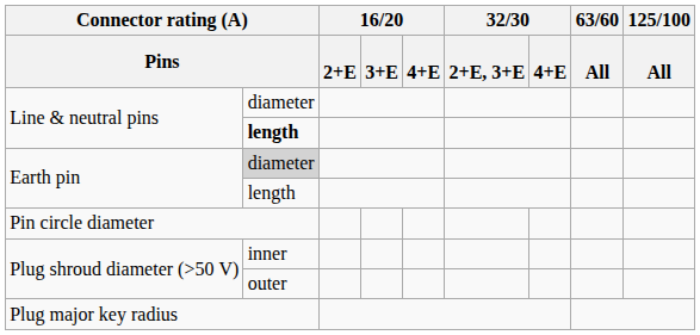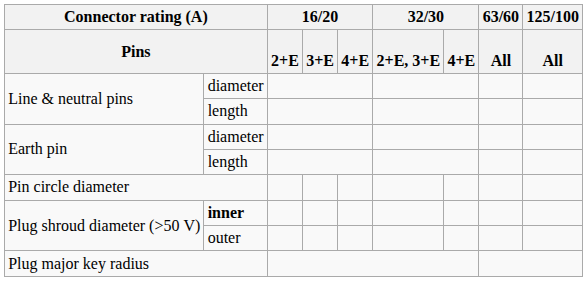 <table class="wikitable">
 <tr>
 <th colspan=2>Connector rating (A)</th>
 <th colspan=3>16/20</th>
 <th colspan=2>32/30</th>
 <th>63/60</th>
 <th>125/100</th>
 </tr>
 <tr>
 <th colspan=2>Pins</th>
 <th><br>2+E</th>
 <th><br>3+E</th>
 <th><br>4+E</th>
 <th><br>2+E, 3+E</th>
 <th><br>4+E</th>
 <th><br>All</th>
 <th><br>All</th>
 </tr>
 <tr>
 <td rowspan=2>Line & neutral pins</td>
 <td>diameter</td>
 <td colspan=3></td>
 <td colspan=2></td>
 <td></td>
 <td></td>
 </tr>
 <tr>
-<td><strong>length</strong></td>
+<td>length</td>
 <td colspan=3></td>
 <td colspan=2></td>
 <td></td>
 <td></td>
 </tr>
 <tr>
 <td rowspan=2>Earth pin</td>
-<td style="background: lightgrey;">diameter</td>
+<td>diameter</td>
 <td colspan=3></td>
 <td colspan=2></td>
 <td></td>
 <td></td>
 </tr>
 <tr>
 <td>length</td>
 <td colspan=3></td>
 <td colspan=2></td>
 <td></td>
 <td></td>
 </tr>
 <tr>
 <td colspan=2>Pin circle diameter</td>
 <td></td>
 <td></td>
 <td></td>
 <td></td>
 <td></td>
 <td></td>
 <td></td>
 </tr>
 <tr>
 <td rowspan=2>Plug shroud diameter (>50 V)</td>
-<td>inner</td>
+<td><strong>inner</strong></td>
 <td></td>
 <td></td>
 <td></td>
 <td></td>
 <td></td>
 <td></td>
 <td></td>
 </tr>
 <tr>
 <td>outer</td>
 <td></td>
 <td></td>
 <td></td>
 <td></td>
 <td></td>
 <td></td>
 <td></td>
 </tr>
 <tr>
 <td colspan=2>Plug major key radius</td>
 <td colspan=5></td>
 <td colspan=2></td>
 </tr>
 </table>
